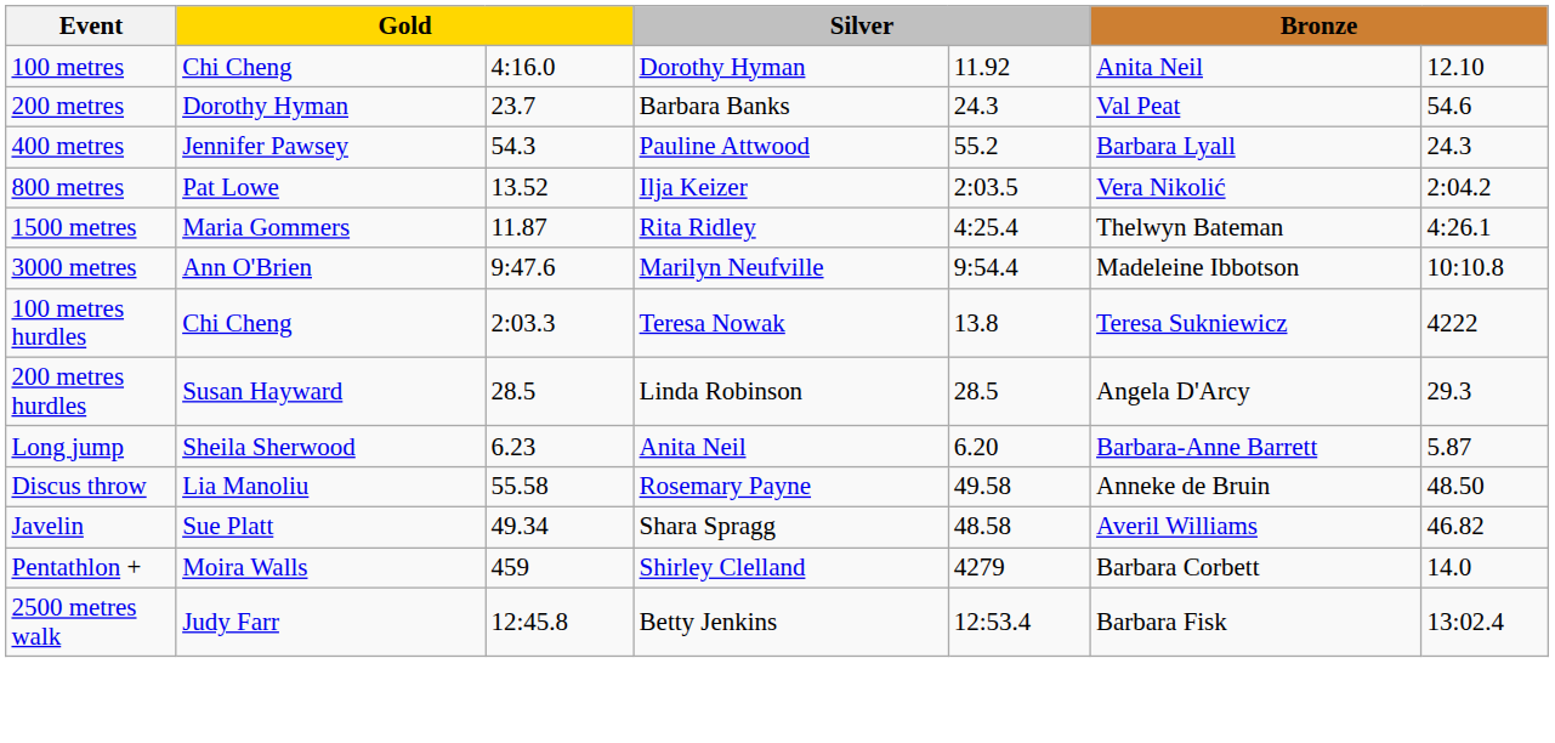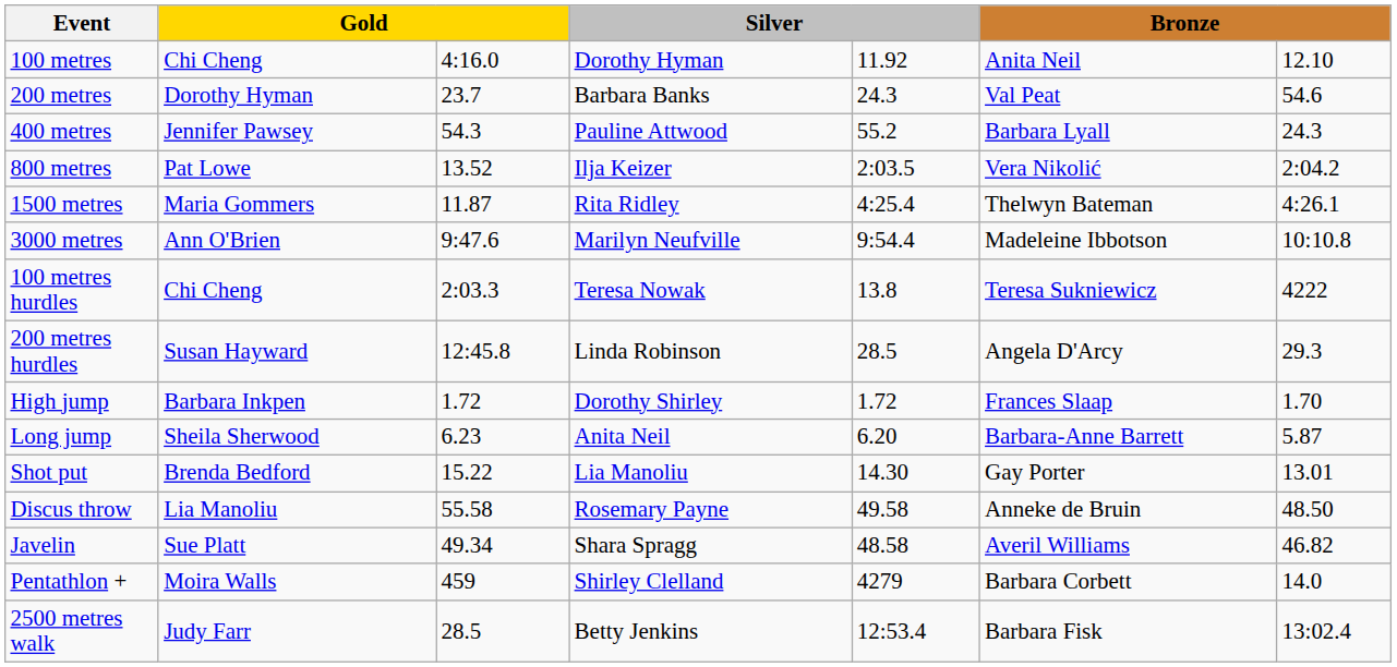 <table class="wikitable" style="text-align:left">
 <tr>
 <th width=100>Event</th>
 <th colspan="2" width="280" style="background:gold;">Gold</th>
 <th colspan="2" width="280" style="background:silver;">Silver</th>
 <th colspan="2" width="280" style="background:#CD7F32;">Bronze</th>
 </tr>
 <tr>
 <td><a href='#'>100 metres</a></td>
 <td> <a href='#'>Chi Cheng</a></td>
 <td>4:16.0</td>
 <td><a href='#'>Dorothy Hyman</a></td>
 <td>11.92</td>
 <td><a href='#'>Anita Neil</a></td>
 <td>12.10</td>
 </tr>
 <tr>
 <td><a href='#'>200 metres</a></td>
 <td><a href='#'>Dorothy Hyman</a></td>
 <td>23.7</td>
 <td>Barbara Banks</td>
 <td>24.3</td>
 <td><a href='#'>Val Peat</a></td>
 <td>54.6</td>
 </tr>
 <tr>
 <td><a href='#'>400 metres</a></td>
 <td><a href='#'>Jennifer Pawsey</a></td>
 <td>54.3</td>
 <td><a href='#'>Pauline Attwood</a></td>
 <td>55.2</td>
 <td> <a href='#'>Barbara Lyall</a></td>
 <td>24.3</td>
 </tr>
 <tr>
 <td><a href='#'>800 metres</a></td>
 <td><a href='#'>Pat Lowe</a></td>
 <td>13.52</td>
 <td> <a href='#'>Ilja Keizer</a></td>
 <td>2:03.5</td>
 <td> <a href='#'>Vera Nikolić</a></td>
 <td>2:04.2</td>
 </tr>
 <tr>
 <td><a href='#'>1500 metres</a></td>
 <td> <a href='#'>Maria Gommers</a></td>
 <td>11.87</td>
 <td><a href='#'>Rita Ridley</a></td>
 <td>4:25.4</td>
 <td>Thelwyn Bateman</td>
 <td>4:26.1</td>
 </tr>
 <tr>
 <td><a href='#'>3000 metres</a></td>
 <td> <a href='#'>Ann O'Brien</a></td>
 <td>9:47.6</td>
 <td><a href='#'>Marilyn Neufville</a></td>
 <td>9:54.4</td>
 <td>Madeleine Ibbotson</td>
 <td>10:10.8</td>
 </tr>
 <tr>
 <td><a href='#'>100 metres hurdles</a></td>
 <td> <a href='#'>Chi Cheng</a></td>
 <td>2:03.3</td>
 <td> <a href='#'>Teresa Nowak</a></td>
 <td>13.8</td>
 <td> <a href='#'>Teresa Sukniewicz</a></td>
 <td>4222</td>
 </tr>
 <tr>
 <td><a href='#'>200 metres hurdles</a></td>
 <td><a href='#'>Susan Hayward</a></td>
-<td>28.5</td>
+<td>12:45.8</td>
 <td>Linda Robinson</td>
 <td>28.5</td>
 <td>Angela D'Arcy</td>
 <td>29.3</td>
+</tr>
+<tr>
+<td><a href='#'>High jump</a></td>
+<td><a href='#'>Barbara Inkpen</a></td>
+<td>1.72</td>
+<td><a href='#'>Dorothy Shirley</a></td>
+<td>1.72</td>
+<td><a href='#'>Frances Slaap</a></td>
+<td>1.70</td>
 </tr>
 <tr>
 <td><a href='#'>Long jump</a></td>
 <td><a href='#'>Sheila Sherwood</a></td>
 <td>6.23</td>
 <td><a href='#'>Anita Neil</a></td>
 <td>6.20</td>
 <td><a href='#'>Barbara-Anne Barrett</a></td>
 <td>5.87</td>
+</tr>
+<tr>
+<td><a href='#'>Shot put</a></td>
+<td><a href='#'>Brenda Bedford</a></td>
+<td>15.22</td>
+<td> <a href='#'>Lia Manoliu</a></td>
+<td>14.30</td>
+<td>Gay Porter</td>
+<td>13.01</td>
 </tr>
 <tr>
 <td><a href='#'>Discus throw</a></td>
 <td> <a href='#'>Lia Manoliu</a></td>
 <td>55.58</td>
 <td> <a href='#'>Rosemary Payne</a></td>
 <td>49.58</td>
 <td> Anneke de Bruin</td>
 <td>48.50</td>
 </tr>
 <tr>
 <td><a href='#'>Javelin</a></td>
 <td><a href='#'>Sue Platt</a></td>
 <td>49.34</td>
 <td>Shara Spragg</td>
 <td>48.58</td>
 <td><a href='#'>Averil Williams</a></td>
 <td>46.82</td>
 </tr>
 <tr>
 <td><a href='#'>Pentathlon</a> +</td>
 <td> <a href='#'>Moira Walls</a></td>
 <td>459</td>
 <td><a href='#'>Shirley Clelland</a></td>
 <td>4279</td>
 <td>Barbara Corbett</td>
 <td>14.0</td>
 </tr>
 <tr>
 <td><a href='#'>2500 metres walk</a></td>
 <td><a href='#'>Judy Farr</a></td>
-<td>12:45.8</td>
+<td>28.5</td>
 <td>Betty Jenkins</td>
 <td>12:53.4</td>
 <td>Barbara Fisk</td>
 <td>13:02.4</td>
 </tr>
 </table>
